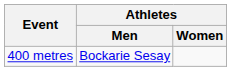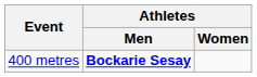 <table class=wikitable style="font-size:90%">
 <tr>
 <th rowspan=2>Event</th>
 <th colspan=2>Athletes</th>
 </tr>
 <tr>
 <th>Men</th>
 <th>Women</th>
 </tr>
 <tr>
 <td><a href='#'>400 metres</a></td>
-<td><a href='#'>Bockarie Sesay</a></td>
+<td><strong><a href='#'>Bockarie Sesay</a></strong></td>
 <td></td>
 </tr>
 </table>
